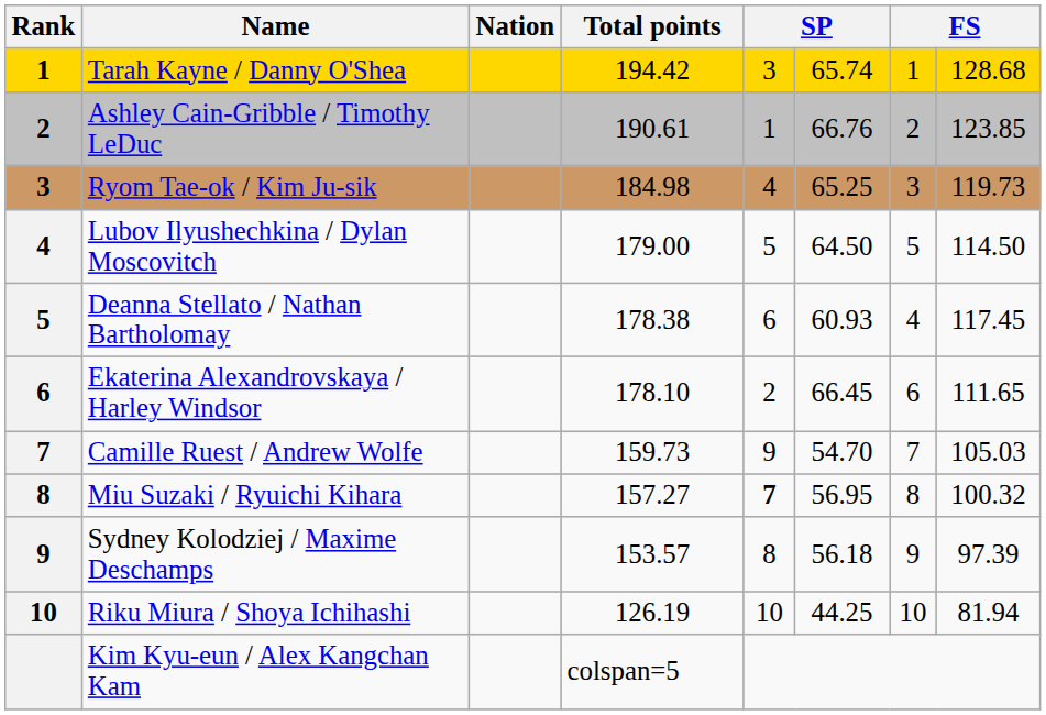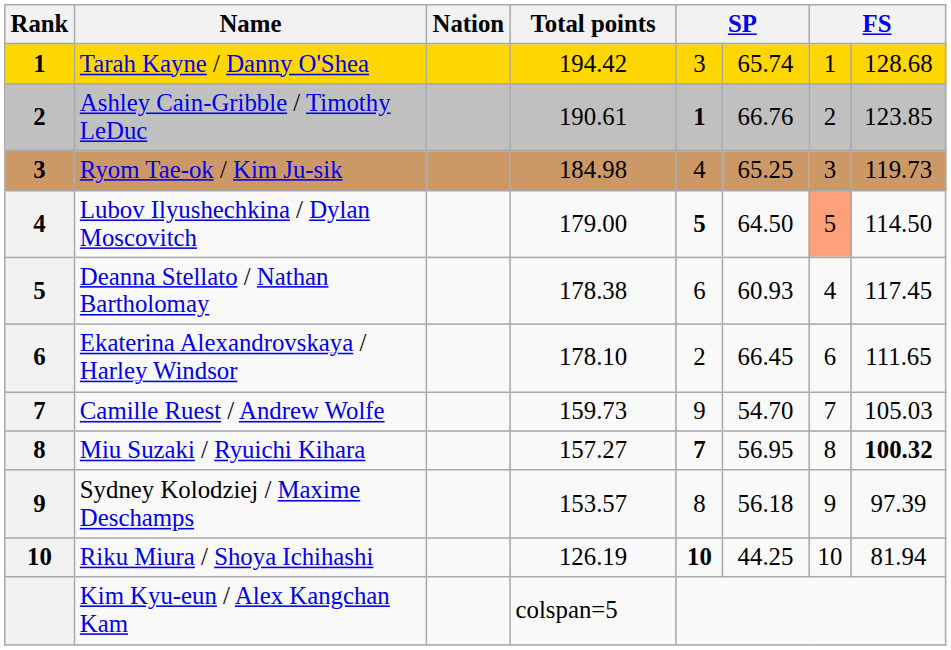 <table class="wikitable sortable">
 <tr>
 <th>Rank</th>
 <th>Name</th>
 <th>Nation</th>
 <th width="100px">Total points</th>
 <th colspan="2" width="90px"><a href='#'>SP</a></th>
 <th colspan="2" width="90px"><a href='#'>FS</a></th>
 </tr>
 <tr bgcolor="gold">
 <td align="center" bgcolor="gold"><strong>1</strong></td>
 <td><a href='#'>Tarah Kayne</a> / <a href='#'>Danny O'Shea</a></td>
 <td></td>
 <td align="center">194.42</td>
 <td align="center">3</td>
 <td align="center">65.74</td>
 <td align="center">1</td>
 <td align="center">128.68</td>
 </tr>
 <tr bgcolor="silver">
 <td align="center" bgcolor="silver"><strong>2</strong></td>
 <td><a href='#'>Ashley Cain-Gribble</a> / <a href='#'>Timothy LeDuc</a></td>
 <td></td>
 <td align="center">190.61</td>
-<td align="center">1</td>
+<td align="center"><strong>1</strong></td>
 <td align="center">66.76</td>
 <td align="center">2</td>
 <td align="center">123.85</td>
 </tr>
 <tr bgcolor="#cc9966">
 <td align="center" bgcolor="#cc9966"><strong>3</strong></td>
 <td><a href='#'>Ryom Tae-ok</a> / <a href='#'>Kim Ju-sik</a></td>
 <td></td>
 <td align="center">184.98</td>
 <td align="center">4</td>
 <td align="center">65.25</td>
 <td align="center">3</td>
 <td align="center">119.73</td>
 </tr>
 <tr>
 <th>4</th>
 <td><a href='#'>Lubov Ilyushechkina</a> / <a href='#'>Dylan Moscovitch</a></td>
 <td></td>
 <td align="center">179.00</td>
-<td align="center">5</td>
+<td align="center"><strong>5</strong></td>
 <td align="center">64.50</td>
-<td align="center">5</td>
+<td align="center" style="background: lightsalmon;">5</td>
 <td align="center">114.50</td>
 </tr>
 <tr>
 <th>5</th>
 <td><a href='#'>Deanna Stellato</a> / <a href='#'>Nathan Bartholomay</a></td>
 <td></td>
 <td align="center">178.38</td>
 <td align="center">6</td>
 <td align="center">60.93</td>
 <td align="center">4</td>
 <td align="center">117.45</td>
 </tr>
 <tr>
 <th>6</th>
 <td><a href='#'>Ekaterina Alexandrovskaya</a> / <a href='#'>Harley Windsor</a></td>
 <td></td>
 <td align="center">178.10</td>
 <td align="center">2</td>
 <td align="center">66.45</td>
 <td align="center">6</td>
 <td align="center">111.65</td>
 </tr>
 <tr>
 <th>7</th>
 <td><a href='#'>Camille Ruest</a> / <a href='#'>Andrew Wolfe</a></td>
 <td></td>
 <td align="center">159.73</td>
 <td align="center">9</td>
 <td align="center">54.70</td>
 <td align="center">7</td>
 <td align="center">105.03</td>
 </tr>
 <tr>
 <th>8</th>
 <td><a href='#'>Miu Suzaki</a> / <a href='#'>Ryuichi Kihara</a></td>
 <td></td>
 <td align="center">157.27</td>
 <td align="center"><strong>7</strong></td>
 <td align="center">56.95</td>
 <td align="center">8</td>
-<td align="center">100.32</td>
+<td align="center"><strong>100.32</strong></td>
 </tr>
 <tr>
 <th>9</th>
 <td>Sydney Kolodziej / <a href='#'>Maxime Deschamps</a></td>
 <td></td>
 <td align="center">153.57</td>
 <td align="center">8</td>
 <td align="center">56.18</td>
 <td align="center">9</td>
 <td align="center">97.39</td>
 </tr>
 <tr>
 <th>10</th>
 <td><a href='#'>Riku Miura</a> / <a href='#'>Shoya Ichihashi</a></td>
 <td></td>
 <td align="center">126.19</td>
-<td align="center">10</td>
+<td align="center"><strong>10</strong></td>
 <td align="center">44.25</td>
 <td align="center">10</td>
 <td align="center">81.94</td>
 </tr>
 <tr>
 <th></th>
 <td><a href='#'>Kim Kyu-eun</a> / <a href='#'>Alex Kangchan Kam</a></td>
 <td></td>
 <td>colspan=5 </td>
 </tr>
 </table>
